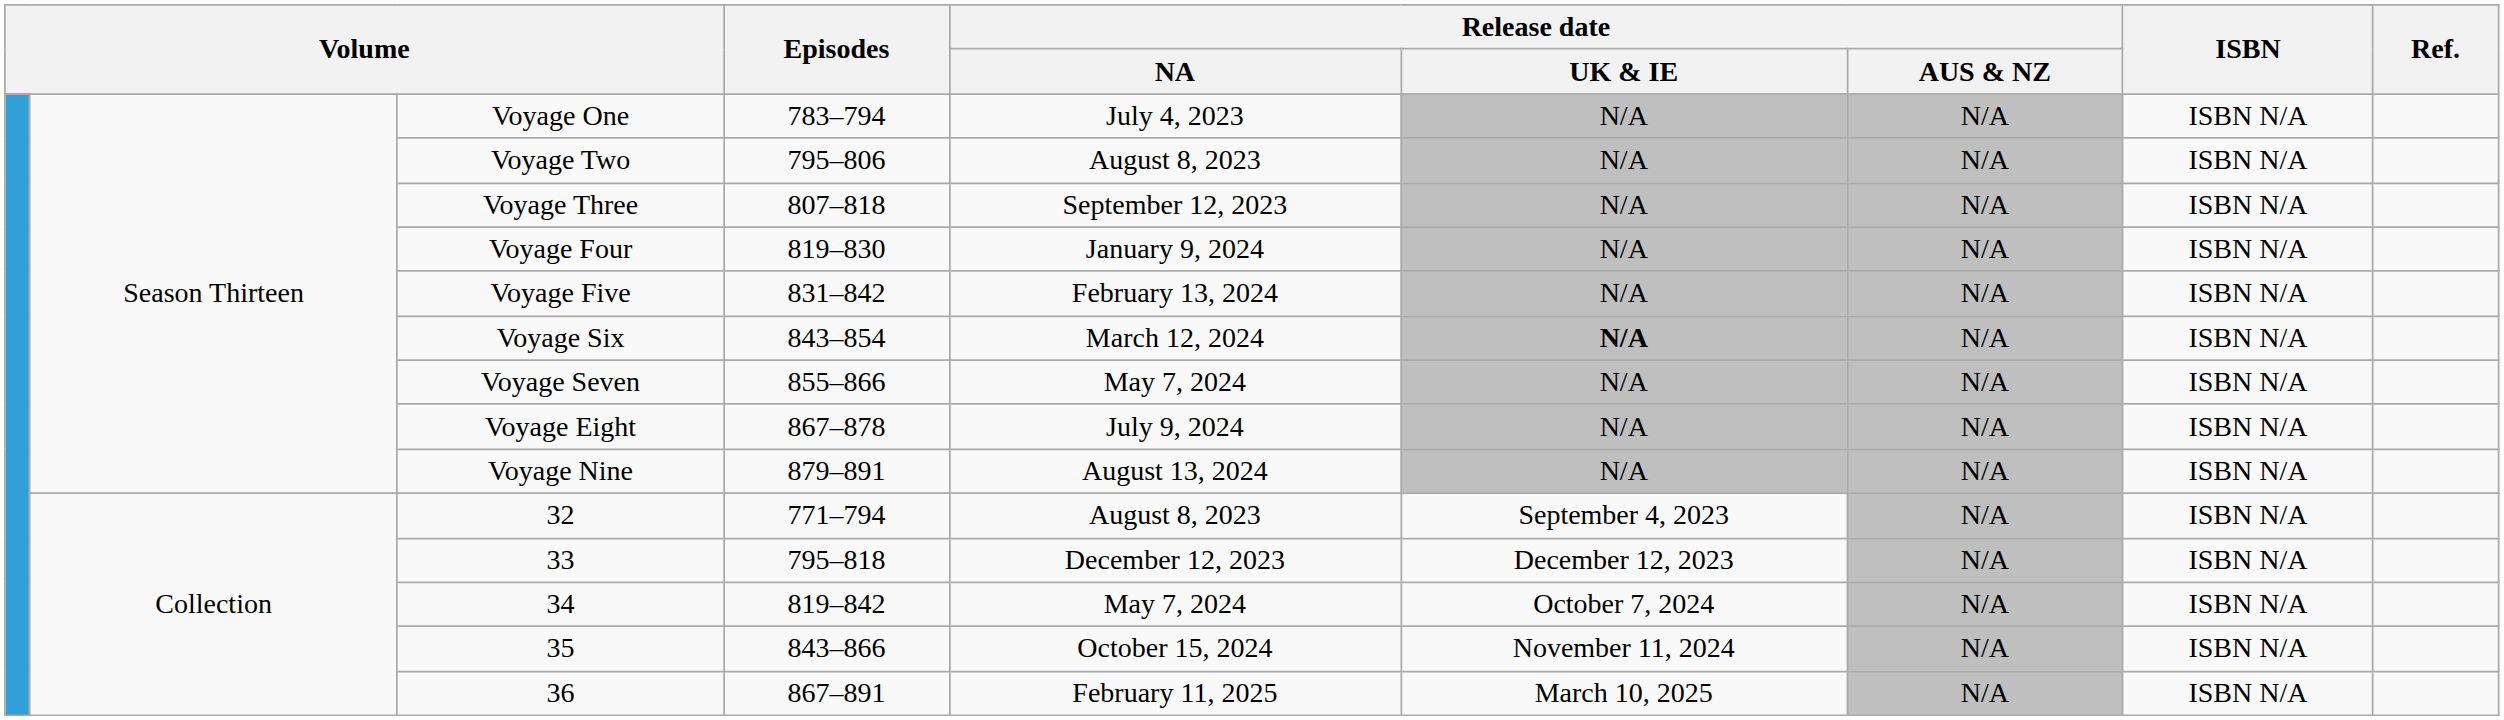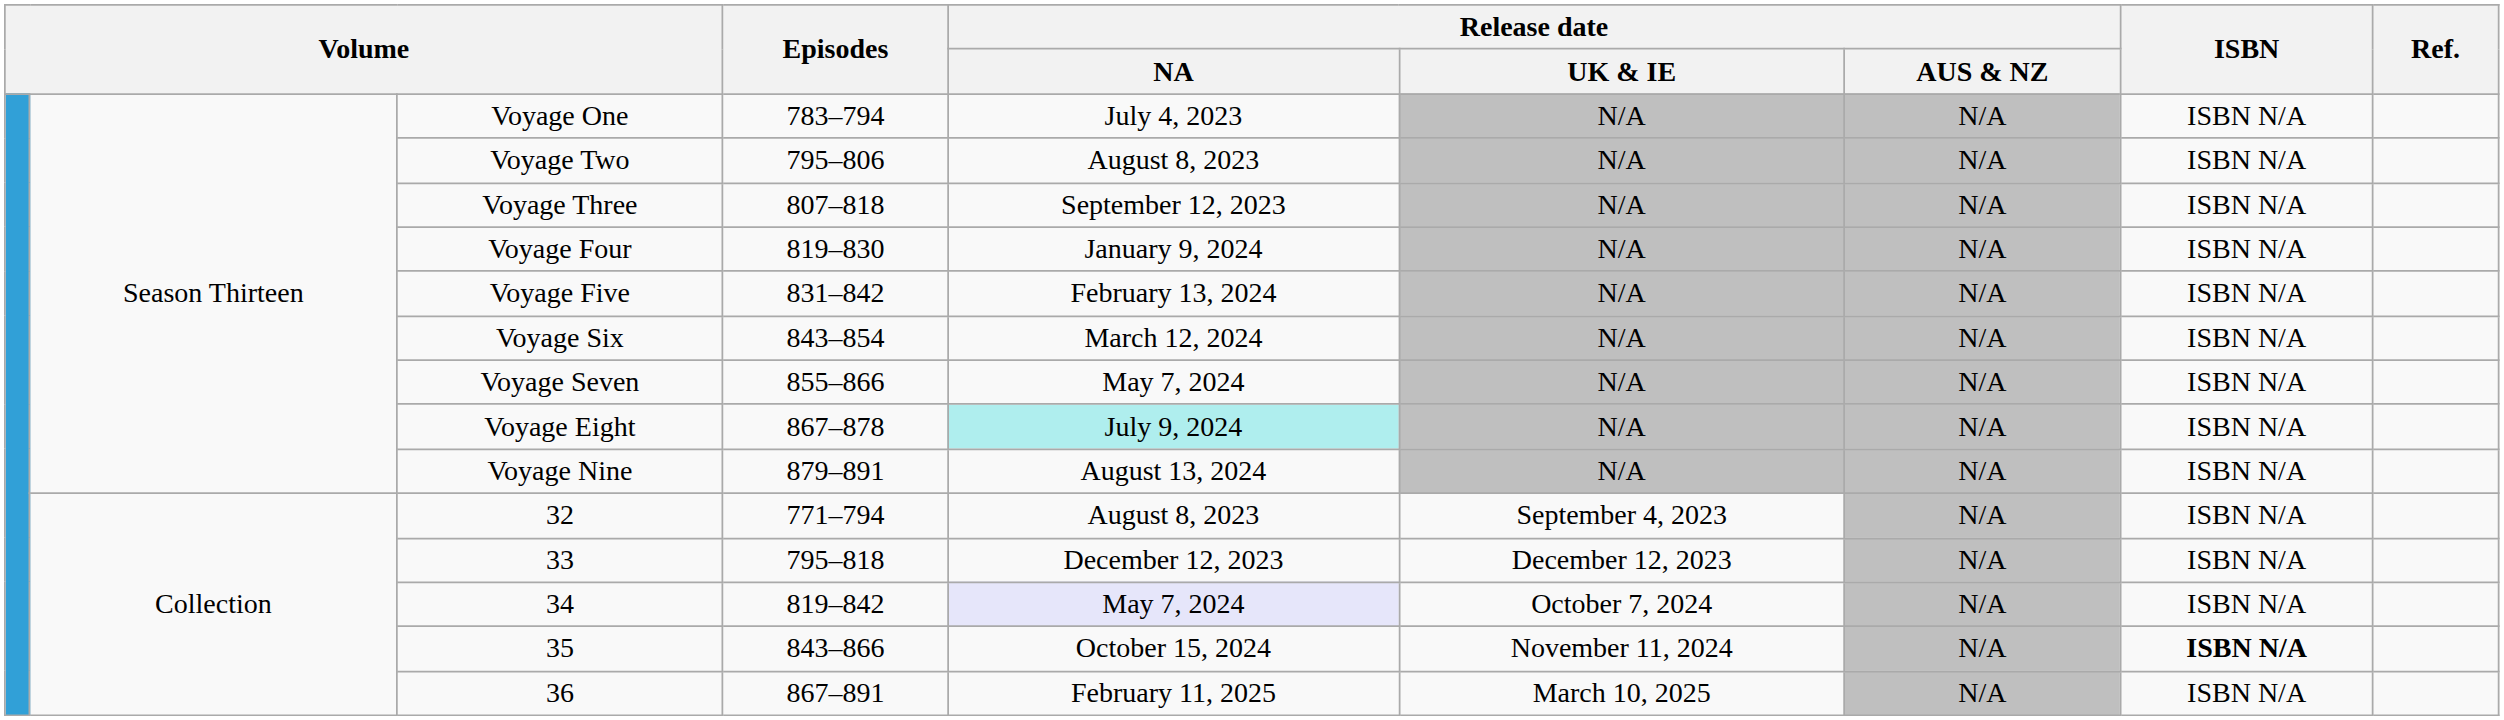 <table class="wikitable" style="text-align: center; width: 90%;">
 <tr>
 <th colspan="3" rowspan="2">Volume</th>
 <th rowspan="2">Episodes</th>
 <th colspan="3">Release date</th>
 <th rowspan="2">ISBN</th>
 <th rowspan="2" width="5%">Ref.</th>
 </tr>
 <tr>
 <th>NA</th>
 <th>UK & IE</th>
 <th>AUS & NZ</th>
 </tr>
 <tr>
 <td rowspan="14" style="width:1%; background:#31A0D7;"></td>
 <td rowspan="9">Season Thirteen</td>
 <td>Voyage One</td>
 <td>783–794</td>
 <td>July 4, 2023</td>
 <td style="background:#BFBFBF;">N/A</td>
 <td style="background:#BFBFBF;">N/A</td>
 <td>ISBN N/A</td>
 <td></td>
 </tr>
 <tr>
 <td>Voyage Two</td>
 <td>795–806</td>
 <td>August 8, 2023</td>
 <td style="background:#BFBFBF;">N/A</td>
 <td style="background:#BFBFBF;">N/A</td>
 <td>ISBN N/A</td>
 <td></td>
 </tr>
 <tr>
 <td>Voyage Three</td>
 <td>807–818</td>
 <td>September 12, 2023</td>
 <td style="background:#BFBFBF;">N/A</td>
 <td style="background:#BFBFBF;">N/A</td>
 <td>ISBN N/A</td>
 <td></td>
 </tr>
 <tr>
 <td>Voyage Four</td>
 <td>819–830</td>
 <td>January 9, 2024</td>
 <td style="background:#BFBFBF;">N/A</td>
 <td style="background:#BFBFBF;">N/A</td>
 <td>ISBN N/A</td>
 <td></td>
 </tr>
 <tr>
 <td>Voyage Five</td>
 <td>831–842</td>
 <td>February 13, 2024</td>
 <td style="background:#BFBFBF;">N/A</td>
 <td style="background:#BFBFBF;">N/A</td>
 <td>ISBN N/A</td>
 <td></td>
 </tr>
 <tr>
 <td>Voyage Six</td>
 <td>843–854</td>
 <td>March 12, 2024</td>
-<td style="background:#BFBFBF;"><strong>N/A</strong></td>
+<td style="background:#BFBFBF;">N/A</td>
 <td style="background:#BFBFBF;">N/A</td>
 <td>ISBN N/A</td>
 <td></td>
 </tr>
 <tr>
 <td>Voyage Seven</td>
 <td>855–866</td>
 <td>May 7, 2024</td>
 <td style="background:#BFBFBF;">N/A</td>
 <td style="background:#BFBFBF;">N/A</td>
 <td>ISBN N/A</td>
 <td></td>
 </tr>
 <tr>
 <td>Voyage Eight</td>
 <td>867–878</td>
-<td>July 9, 2024</td>
+<td style="background: paleturquoise;">July 9, 2024</td>
 <td style="background:#BFBFBF;">N/A</td>
 <td style="background:#BFBFBF;">N/A</td>
 <td>ISBN N/A</td>
 <td></td>
 </tr>
 <tr>
 <td>Voyage Nine</td>
 <td>879–891</td>
 <td>August 13, 2024</td>
 <td style="background:#BFBFBF;">N/A</td>
 <td style="background:#BFBFBF;">N/A</td>
 <td>ISBN N/A</td>
 <td></td>
 </tr>
 <tr>
 <td rowspan="5">Collection</td>
 <td>32</td>
 <td>771–794</td>
 <td>August 8, 2023</td>
 <td>September 4, 2023</td>
 <td style="background:#BFBFBF;">N/A</td>
 <td>ISBN N/A</td>
 <td></td>
 </tr>
 <tr>
 <td>33</td>
 <td>795–818</td>
 <td>December 12, 2023</td>
 <td>December 12, 2023</td>
 <td style="background:#BFBFBF;">N/A</td>
 <td>ISBN N/A</td>
 <td></td>
 </tr>
 <tr>
 <td>34</td>
 <td>819–842</td>
-<td>May 7, 2024</td>
+<td style="background: lavender;">May 7, 2024</td>
 <td>October 7, 2024</td>
 <td style="background:#BFBFBF;">N/A</td>
 <td>ISBN N/A</td>
 <td></td>
 </tr>
 <tr>
 <td>35</td>
 <td>843–866</td>
 <td>October 15, 2024</td>
 <td>November 11, 2024</td>
 <td style="background:#BFBFBF;">N/A</td>
-<td>ISBN N/A</td>
+<td><strong>ISBN N/A</strong></td>
 <td></td>
 </tr>
 <tr>
 <td>36</td>
 <td>867–891</td>
 <td>February 11, 2025</td>
 <td>March 10, 2025</td>
 <td style="background:#BFBFBF;">N/A</td>
 <td>ISBN N/A</td>
 <td></td>
 </tr>
 </table>
